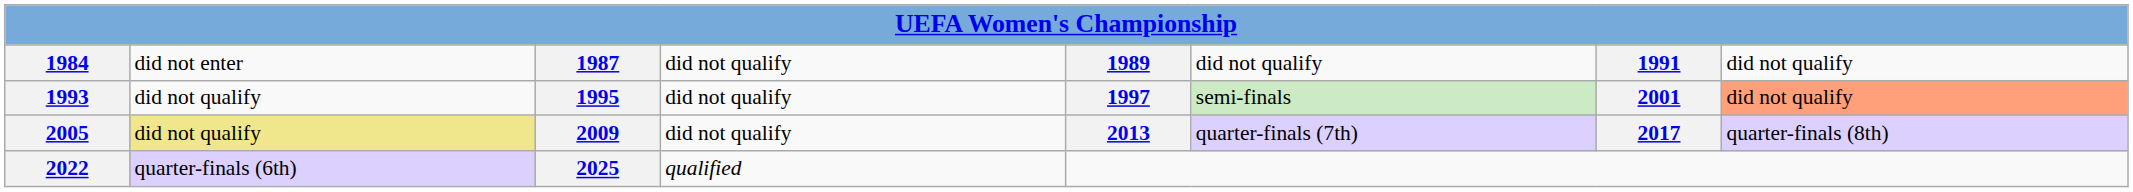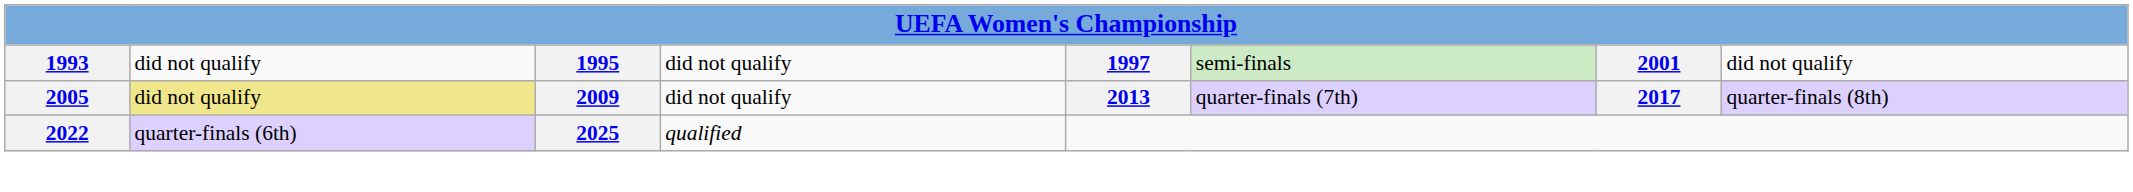 <table class="wikitable"  style="width:90%; font-size:90%;">
 <tr>
 <th style="background:#75aadb; width:50%;" colspan="8"><big><a href='#'>UEFA Women's Championship</a></big></th>
-</tr>
-<tr>
-<th width=4%><a href='#'>1984</a></th>
-<td width=13%>did not enter</td>
-<th width=4%><a href='#'>1987</a></th>
-<td width=13%>did not qualify</td>
-<th width=4%><a href='#'>1989</a></th>
-<td width=13%>did not qualify</td>
-<th width=4%><a href='#'>1991</a></th>
-<td width=13%>did not qualify</td>
 </tr>
 <tr>
 <th width=4%><a href='#'>1993</a></th>
 <td width=13%>did not qualify</td>
 <th width=4%><a href='#'>1995</a></th>
 <td width=13%>did not qualify</td>
 <th width=4%><a href='#'>1997</a></th>
 <td style="background:#ccebc5;">semi-finals</td>
 <th width=4%><a href='#'>2001</a></th>
-<td width=13% style="background: lightsalmon;">did not qualify</td>
+<td width=13%>did not qualify</td>
 </tr>
 <tr>
 <th width=4%><a href='#'>2005</a></th>
 <td width=13% style="background: khaki;">did not qualify</td>
 <th width=4%><a href='#'>2009</a></th>
 <td width=13%>did not qualify</td>
 <th width=4%><a href='#'>2013</a></th>
 <td style="width:13%; background:#dcd0ff;">quarter-finals (7th)</td>
 <th width=4%><a href='#'>2017</a></th>
 <td style="width:13%; background:#dcd0ff;">quarter-finals (8th)</td>
 </tr>
 <tr>
 <th width=4%><a href='#'>2022</a></th>
 <td style="width:13%; background:#dcd0ff;">quarter-finals (6th)</td>
 <th width=4%><a href='#'>2025</a></th>
 <td style="width:13%"><em>qualified</em></td>
 </tr>
 </table>
